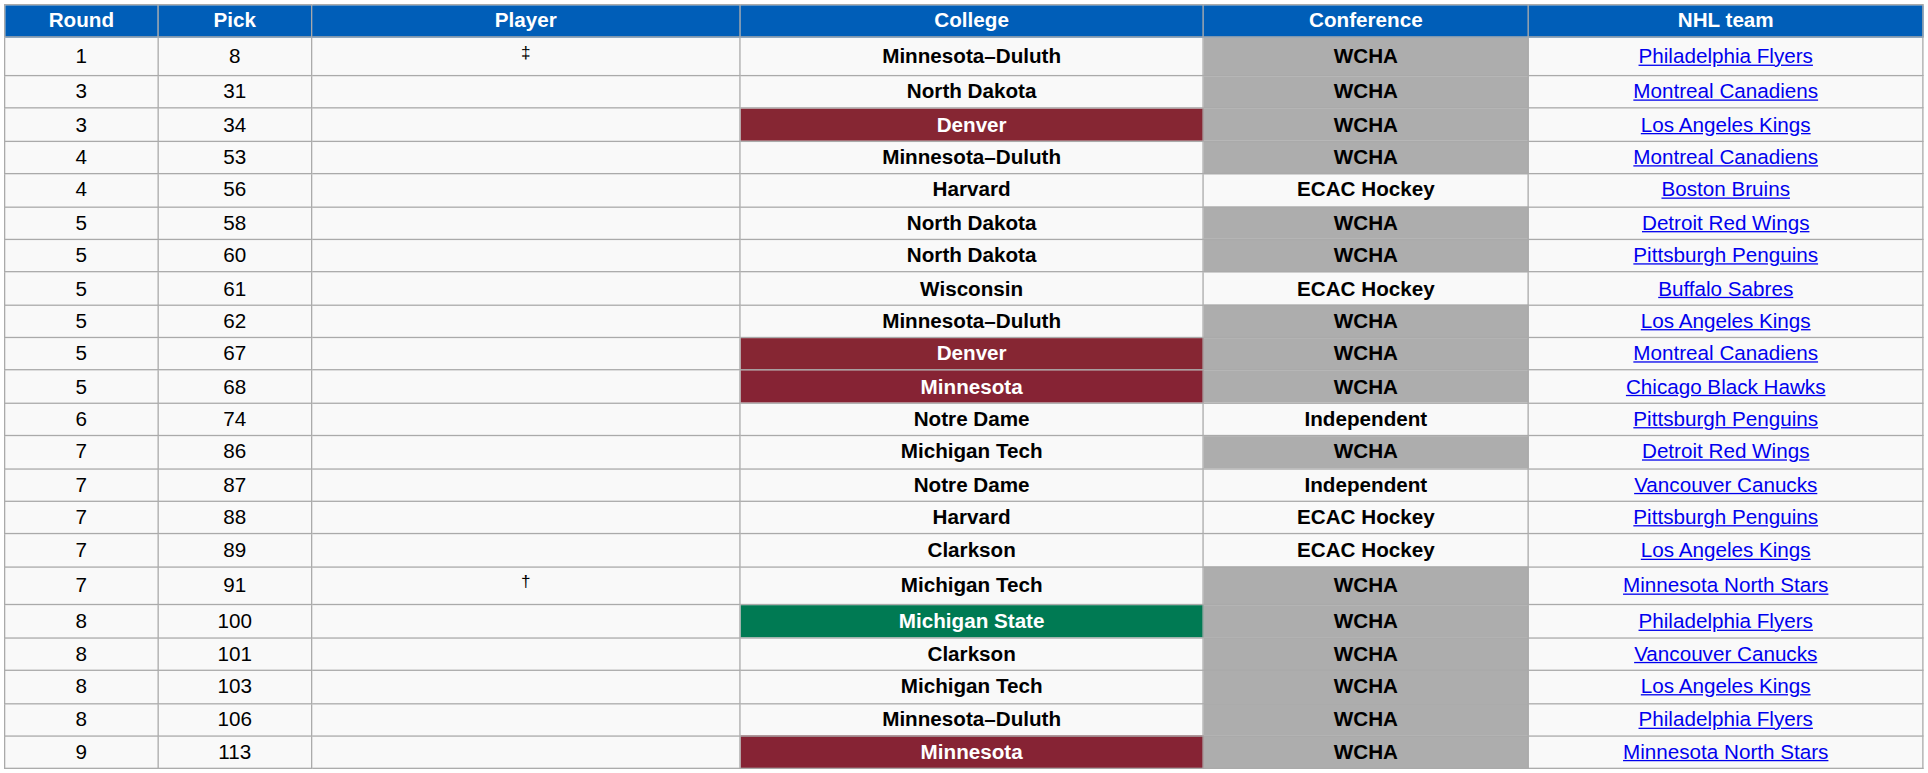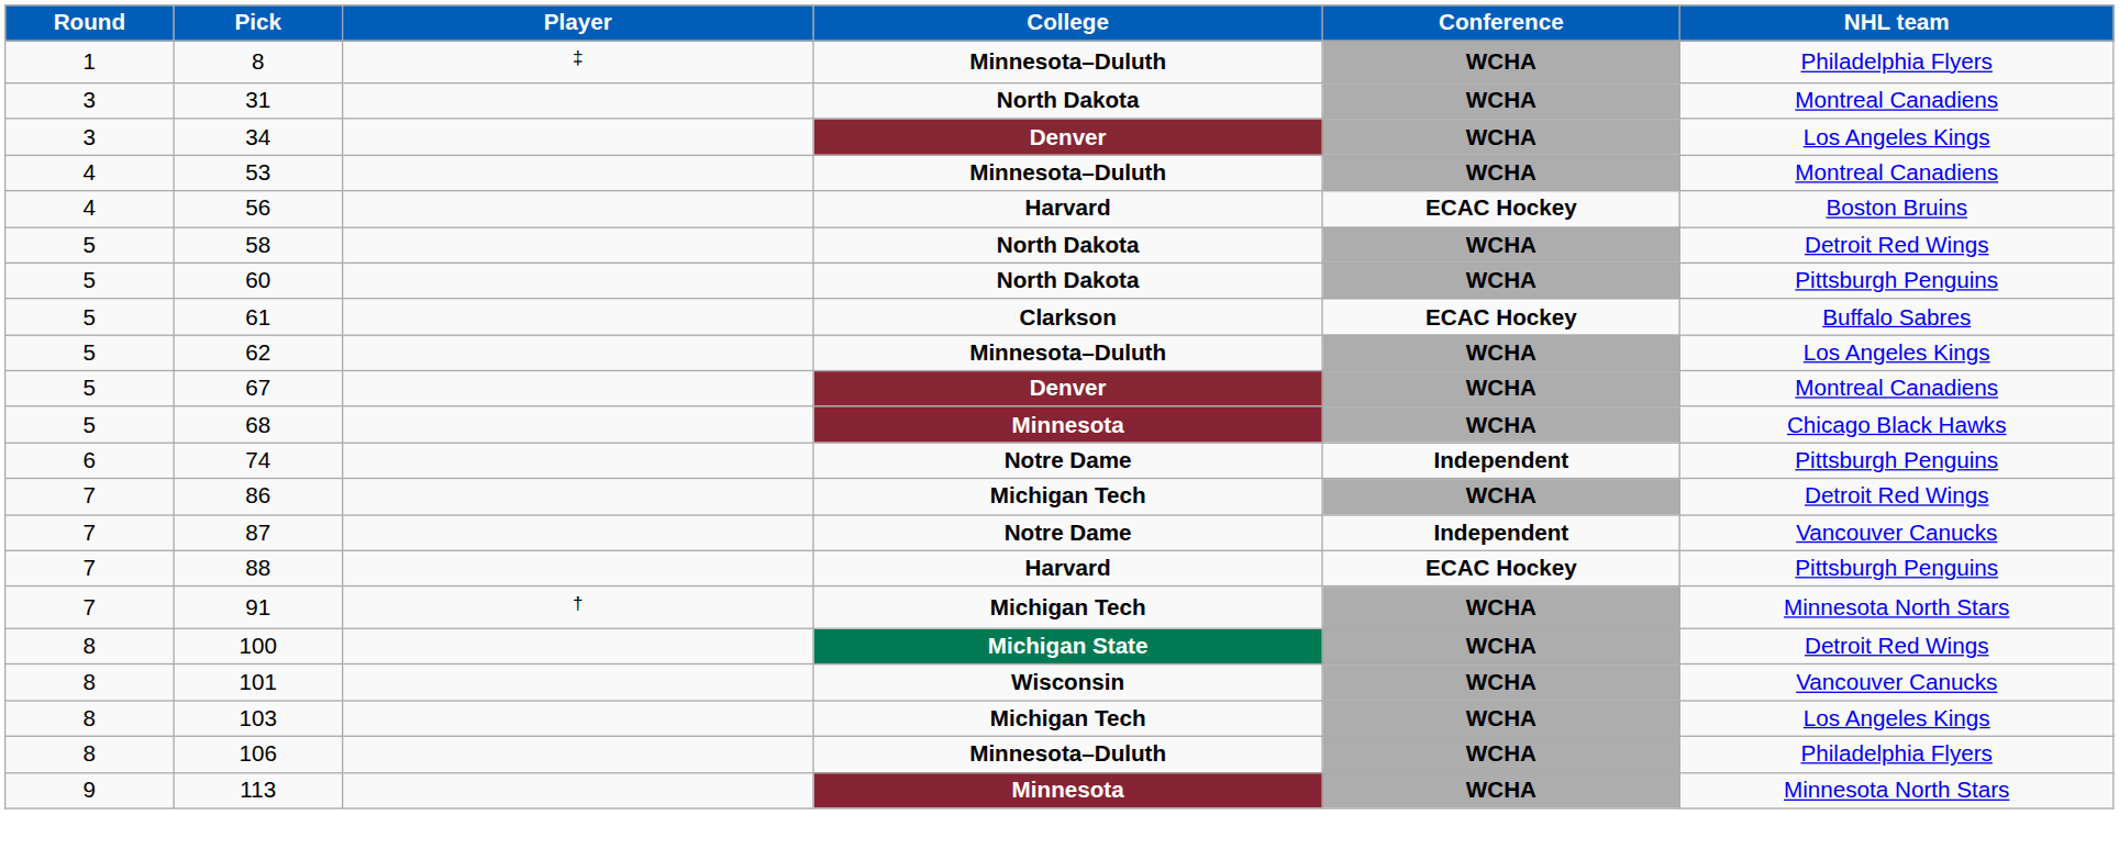 <table class="wikitable sortable" width="75%">
 <tr>
 <th style="color:white; background-color:#005EB8; width: 4em;">Round</th>
 <th style="color:white; background-color:#005EB8; width: 4em;">Pick</th>
 <th style="color:white; background-color:#005EB8; width: 12em;">Player</th>
 <th style="color:white; background-color:#005EB8; width: 13em;">College</th>
 <th style="color:white; background-color:#005EB8; width: 9em;">Conference</th>
 <th style="color:white; background-color:#005EB8; width: 11em;">NHL team</th>
 </tr>
 <tr align="center" bgcolor="">
 <td>1</td>
 <td>8</td>
 <td> <sup>‡</sup></td>
 <td><strong>Minnesota–Duluth</strong></td>
 <td style="color:black; background:#ADADAD; "><strong>WCHA</strong></td>
 <td><a href='#'>Philadelphia Flyers</a></td>
 </tr>
 <tr align="center" bgcolor="">
 <td>3</td>
 <td>31</td>
 <td></td>
 <td><strong>North Dakota</strong></td>
 <td style="color:black; background:#ADADAD; "><strong>WCHA</strong></td>
 <td><a href='#'>Montreal Canadiens</a></td>
 </tr>
 <tr align="center" bgcolor="">
 <td>3</td>
 <td>34</td>
 <td></td>
 <td style="color:white; background:#862633; "><strong>Denver</strong></td>
 <td style="color:black; background:#ADADAD; "><strong>WCHA</strong></td>
 <td><a href='#'>Los Angeles Kings</a></td>
 </tr>
 <tr align="center" bgcolor="">
 <td>4</td>
 <td>53</td>
 <td></td>
 <td><strong>Minnesota–Duluth</strong></td>
 <td style="color:black; background:#ADADAD; "><strong>WCHA</strong></td>
 <td><a href='#'>Montreal Canadiens</a></td>
 </tr>
 <tr align="center" bgcolor="">
 <td>4</td>
 <td>56</td>
 <td></td>
 <td><strong>Harvard</strong></td>
 <td><strong>ECAC Hockey</strong></td>
 <td><a href='#'>Boston Bruins</a></td>
 </tr>
 <tr align="center" bgcolor="">
 <td>5</td>
 <td>58</td>
 <td></td>
 <td><strong>North Dakota</strong></td>
 <td style="color:black; background:#ADADAD; "><strong>WCHA</strong></td>
 <td><a href='#'>Detroit Red Wings</a></td>
 </tr>
 <tr align="center" bgcolor="">
 <td>5</td>
 <td>60</td>
 <td></td>
 <td><strong>North Dakota</strong></td>
 <td style="color:black; background:#ADADAD; "><strong>WCHA</strong></td>
 <td><a href='#'>Pittsburgh Penguins</a></td>
 </tr>
 <tr align="center" bgcolor="">
 <td>5</td>
 <td>61</td>
 <td></td>
-<td><strong>Wisconsin</strong></td>
+<td><strong>Clarkson</strong></td>
 <td><strong>ECAC Hockey</strong></td>
 <td><a href='#'>Buffalo Sabres</a></td>
 </tr>
 <tr align="center" bgcolor="">
 <td>5</td>
 <td>62</td>
 <td></td>
 <td><strong>Minnesota–Duluth</strong></td>
 <td style="color:black; background:#ADADAD; "><strong>WCHA</strong></td>
 <td><a href='#'>Los Angeles Kings</a></td>
 </tr>
 <tr align="center" bgcolor="">
 <td>5</td>
 <td>67</td>
 <td></td>
 <td style="color:white; background:#862633; "><strong>Denver</strong></td>
 <td style="color:black; background:#ADADAD; "><strong>WCHA</strong></td>
 <td><a href='#'>Montreal Canadiens</a></td>
 </tr>
 <tr align="center" bgcolor="">
 <td>5</td>
 <td>68</td>
 <td></td>
 <td style="color:white; background:#862334; "><strong>Minnesota</strong></td>
 <td style="color:black; background:#ADADAD; "><strong>WCHA</strong></td>
 <td><a href='#'>Chicago Black Hawks</a></td>
 </tr>
 <tr align="center" bgcolor="">
 <td>6</td>
 <td>74</td>
 <td></td>
 <td><strong>Notre Dame</strong></td>
 <td><strong>Independent</strong></td>
 <td><a href='#'>Pittsburgh Penguins</a></td>
 </tr>
 <tr align="center" bgcolor="">
 <td>7</td>
 <td>86</td>
 <td></td>
 <td><strong>Michigan Tech</strong></td>
 <td style="color:black; background:#ADADAD; "><strong>WCHA</strong></td>
 <td><a href='#'>Detroit Red Wings</a></td>
 </tr>
 <tr align="center" bgcolor="">
 <td>7</td>
 <td>87</td>
 <td></td>
 <td><strong>Notre Dame</strong></td>
 <td><strong>Independent</strong></td>
 <td><a href='#'>Vancouver Canucks</a></td>
 </tr>
 <tr align="center" bgcolor="">
 <td>7</td>
 <td>88</td>
 <td></td>
 <td><strong>Harvard</strong></td>
 <td><strong>ECAC Hockey</strong></td>
 <td><a href='#'>Pittsburgh Penguins</a></td>
 </tr>
 <tr align="center" bgcolor="">
 <td>7</td>
-<td>89</td>
-<td></td>
-<td><strong>Clarkson</strong></td>
-<td><strong>ECAC Hockey</strong></td>
-<td><a href='#'>Los Angeles Kings</a></td>
-</tr>
-<tr align="center" bgcolor="">
-<td>7</td>
 <td>91</td>
 <td> <sup>†</sup></td>
 <td><strong>Michigan Tech</strong></td>
 <td style="color:black; background:#ADADAD; "><strong>WCHA</strong></td>
 <td><a href='#'>Minnesota North Stars</a></td>
 </tr>
 <tr align="center" bgcolor="">
 <td>8</td>
 <td>100</td>
 <td></td>
 <td style="color:white; background:#007A53"><strong>Michigan State</strong></td>
 <td style="color:black; background:#ADADAD; "><strong>WCHA</strong></td>
-<td><a href='#'>Philadelphia Flyers</a></td>
+<td><a href='#'>Detroit Red Wings</a></td>
 </tr>
 <tr align="center" bgcolor="">
 <td>8</td>
 <td>101</td>
 <td></td>
-<td><strong>Clarkson</strong></td>
+<td><strong>Wisconsin</strong></td>
 <td style="color:black; background:#ADADAD; "><strong>WCHA</strong></td>
 <td><a href='#'>Vancouver Canucks</a></td>
 </tr>
 <tr align="center" bgcolor="">
 <td>8</td>
 <td>103</td>
 <td></td>
 <td><strong>Michigan Tech</strong></td>
 <td style="color:black; background:#ADADAD; "><strong>WCHA</strong></td>
 <td><a href='#'>Los Angeles Kings</a></td>
 </tr>
 <tr align="center" bgcolor="">
 <td>8</td>
 <td>106</td>
 <td></td>
 <td><strong>Minnesota–Duluth</strong></td>
 <td style="color:black; background:#ADADAD; "><strong>WCHA</strong></td>
 <td><a href='#'>Philadelphia Flyers</a></td>
 </tr>
 <tr align="center" bgcolor="">
 <td>9</td>
 <td>113</td>
 <td></td>
 <td style="color:white; background:#862334; "><strong>Minnesota</strong></td>
 <td style="color:black; background:#ADADAD; "><strong>WCHA</strong></td>
 <td><a href='#'>Minnesota North Stars</a></td>
 </tr>
 </table>
